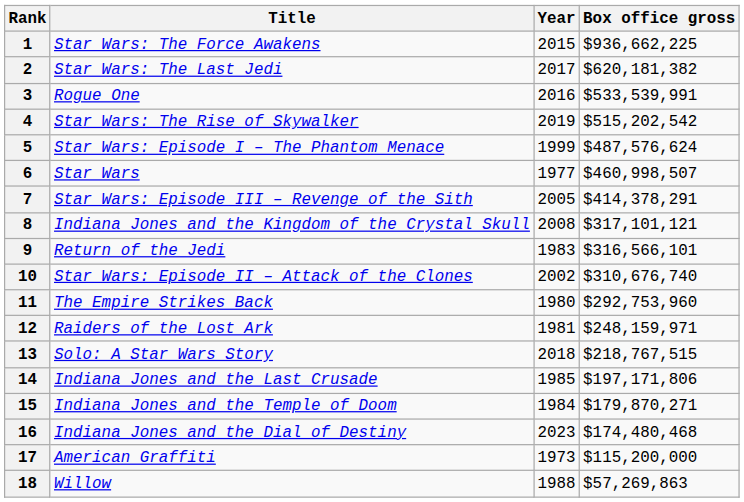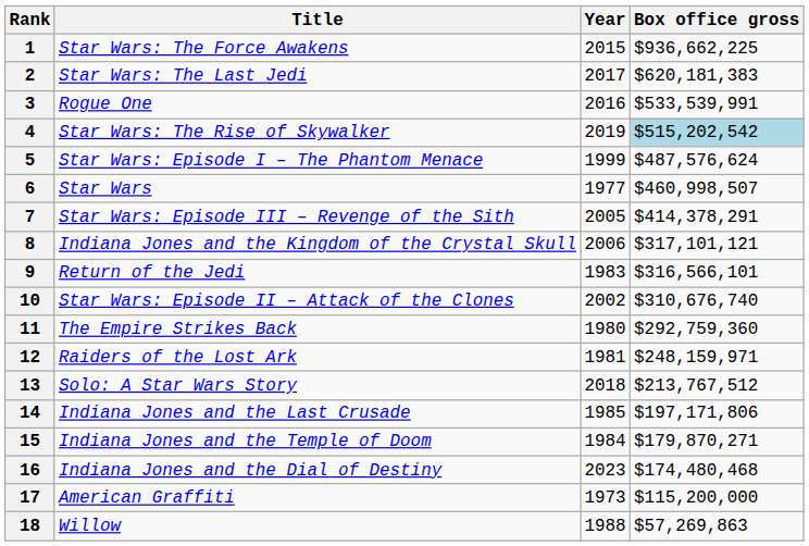 <table class="wikitable sortable" style="display:inline-table;">
 <tr>
 <th scope="col">Rank</th>
 <th scope="col">Title</th>
 <th scope="col">Year</th>
 <th scope="col">Box office gross</th>
 </tr>
 <tr>
 <th>1</th>
 <td><em><a href='#'>Star Wars: The Force Awakens</a></em></td>
 <td>2015</td>
 <td>$936,662,225</td>
 </tr>
 <tr>
 <th>2</th>
 <td><em><a href='#'>Star Wars: The Last Jedi</a></em></td>
 <td>2017</td>
-<td>$620,181,382</td>
+<td>$620,181,383</td>
 </tr>
 <tr>
 <th>3</th>
 <td><em><a href='#'>Rogue One</a></em></td>
 <td>2016</td>
 <td>$533,539,991</td>
 </tr>
 <tr>
 <th>4</th>
 <td><em><a href='#'>Star Wars: The Rise of Skywalker</a></em></td>
 <td>2019</td>
-<td>$515,202,542</td>
+<td style="background: lightblue;">$515,202,542</td>
 </tr>
 <tr>
 <th>5</th>
 <td><em><a href='#'>Star Wars: Episode I – The Phantom Menace</a></em></td>
 <td>1999</td>
 <td>$487,576,624</td>
 </tr>
 <tr>
 <th>6</th>
 <td><em><a href='#'>Star Wars</a></em></td>
 <td>1977</td>
 <td>$460,998,507</td>
 </tr>
 <tr>
 <th>7</th>
 <td><em><a href='#'>Star Wars: Episode III – Revenge of the Sith</a></em></td>
 <td>2005</td>
 <td>$414,378,291</td>
 </tr>
 <tr>
 <th>8</th>
 <td><em><a href='#'>Indiana Jones and the Kingdom of the Crystal Skull</a></em></td>
-<td>2008</td>
+<td>2006</td>
 <td>$317,101,121</td>
 </tr>
 <tr>
 <th>9</th>
 <td><em><a href='#'>Return of the Jedi</a></em></td>
 <td>1983</td>
 <td>$316,566,101</td>
 </tr>
 <tr>
 <th>10</th>
 <td><em><a href='#'>Star Wars: Episode II – Attack of the Clones</a></em></td>
 <td>2002</td>
 <td>$310,676,740</td>
 </tr>
 <tr>
 <th>11</th>
 <td><em><a href='#'>The Empire Strikes Back</a></em></td>
 <td>1980</td>
-<td>$292,753,960</td>
+<td>$292,759,360</td>
 </tr>
 <tr>
 <th>12</th>
 <td><em><a href='#'>Raiders of the Lost Ark</a></em></td>
 <td>1981</td>
 <td>$248,159,971</td>
 </tr>
 <tr>
 <th>13</th>
 <td><em><a href='#'>Solo: A Star Wars Story</a></em></td>
 <td>2018</td>
-<td>$218,767,515</td>
+<td>$213,767,512</td>
 </tr>
 <tr>
 <th>14</th>
 <td><em><a href='#'>Indiana Jones and the Last Crusade</a></em></td>
 <td>1985</td>
 <td>$197,171,806</td>
 </tr>
 <tr>
 <th>15</th>
 <td><em><a href='#'>Indiana Jones and the Temple of Doom</a></em></td>
 <td>1984</td>
 <td>$179,870,271</td>
 </tr>
 <tr>
 <th>16</th>
 <td><em><a href='#'>Indiana Jones and the Dial of Destiny</a></em></td>
 <td>2023</td>
 <td>$174,480,468</td>
 </tr>
 <tr>
 <th>17</th>
 <td><em><a href='#'>American Graffiti</a></em></td>
 <td>1973</td>
 <td>$115,200,000</td>
 </tr>
 <tr>
 <th>18</th>
 <td><em><a href='#'>Willow</a></em></td>
 <td>1988</td>
 <td>$57,269,863</td>
 </tr>
 </table>
